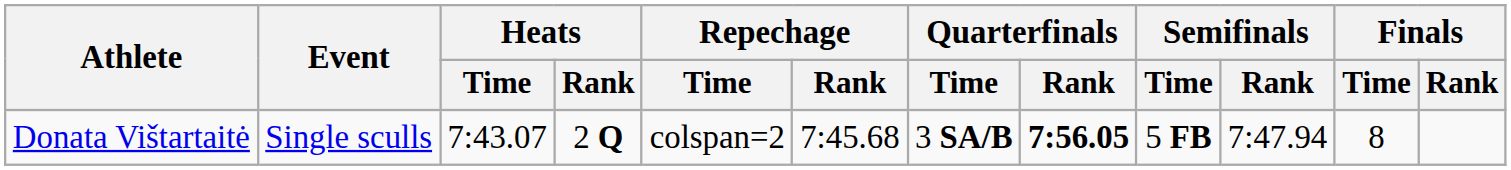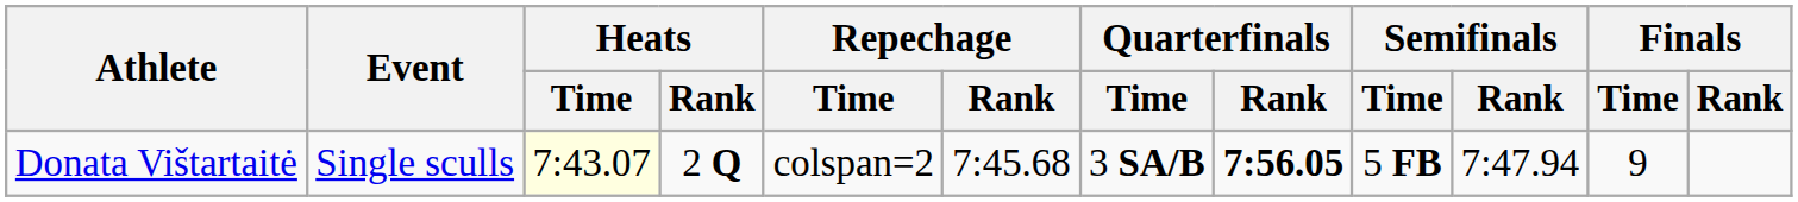 <table class="wikitable" style="font-size:90%">
 <tr>
 <th rowspan="2">Athlete</th>
 <th rowspan="2">Event</th>
 <th colspan="2">Heats</th>
 <th colspan="2">Repechage</th>
 <th colspan="2">Quarterfinals</th>
 <th colspan="2">Semifinals</th>
 <th colspan="2">Finals</th>
 </tr>
 <tr style="font-size:95%">
 <th>Time</th>
 <th>Rank</th>
 <th>Time</th>
 <th>Rank</th>
 <th>Time</th>
 <th>Rank</th>
 <th>Time</th>
 <th>Rank</th>
 <th>Time</th>
 <th>Rank</th>
 </tr>
 <tr align=center>
 <td align=left><a href='#'>Donata Vištartaitė</a></td>
 <td align=left><a href='#'>Single sculls</a></td>
-<td>7:43.07</td>
+<td style="background: lightyellow;">7:43.07</td>
 <td>2 <strong>Q</strong></td>
 <td>colspan=2 </td>
 <td>7:45.68</td>
 <td>3 <strong>SA/B</strong></td>
 <td><strong>7:56.05</strong></td>
 <td>5 <strong>FB</strong></td>
 <td>7:47.94</td>
-<td>8</td>
+<td>9</td>
 </tr>
 </table>
